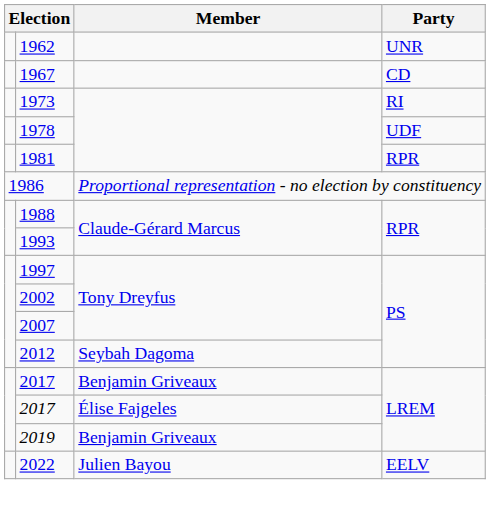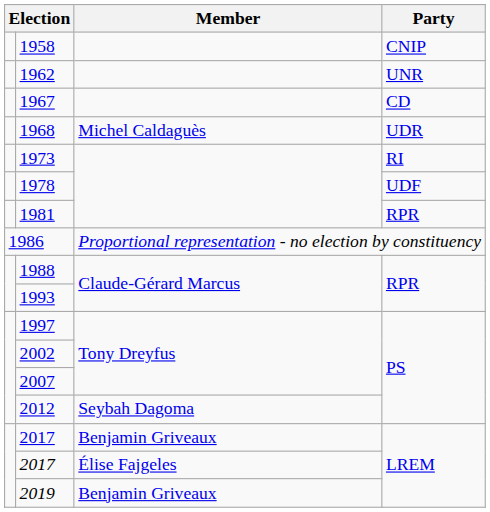 <table class="wikitable">
 <tr>
 <th colspan="2">Election</th>
 <th>Member</th>
 <th>Party</th>
+</tr>
+<tr>
+<td style="color:inherit;background:"></td>
+<td><a href='#'>1958</a></td>
+<td></td>
+<td><a href='#'>CNIP</a></td>
 </tr>
 <tr>
 <td style="color:inherit;background:"></td>
 <td><a href='#'>1962</a></td>
 <td></td>
 <td><a href='#'>UNR</a></td>
 </tr>
 <tr>
 <td style="color:inherit;background:"></td>
 <td><a href='#'>1967</a></td>
 <td></td>
 <td><a href='#'>CD</a></td>
+</tr>
+<tr>
+<td style="color:inherit;background:"></td>
+<td><a href='#'>1968</a></td>
+<td><a href='#'>Michel Caldaguès</a></td>
+<td><a href='#'>UDR</a></td>
 </tr>
 <tr>
 <td style="color:inherit;background:"></td>
 <td><a href='#'>1973</a></td>
 <td rowspan="3"></td>
 <td><a href='#'>RI</a></td>
 </tr>
 <tr>
 <td style="color:inherit;background:"></td>
 <td><a href='#'>1978</a></td>
 <td><a href='#'>UDF</a></td>
 </tr>
 <tr>
 <td style="color:inherit;background:"></td>
 <td><a href='#'>1981</a></td>
 <td><a href='#'>RPR</a></td>
 </tr>
 <tr>
 <td colspan="2"><a href='#'>1986</a></td>
 <td colspan="2"><em><a href='#'>Proportional representation</a> - no election by constituency</em></td>
 </tr>
 <tr>
 <td rowspan="2" style="color:inherit;background:"></td>
 <td><a href='#'>1988</a></td>
 <td rowspan="2"><a href='#'>Claude-Gérard Marcus</a></td>
 <td rowspan="2"><a href='#'>RPR</a></td>
 </tr>
 <tr>
 <td><a href='#'>1993</a></td>
 </tr>
 <tr>
 <td rowspan="4" style="color:inherit;background-color: "></td>
 <td><a href='#'>1997</a></td>
 <td rowspan="3"><a href='#'>Tony Dreyfus</a></td>
 <td rowspan="4"><a href='#'>PS</a></td>
 </tr>
 <tr>
 <td><a href='#'>2002</a></td>
 </tr>
 <tr>
 <td><a href='#'>2007</a></td>
 </tr>
 <tr>
 <td><a href='#'>2012</a></td>
 <td><a href='#'>Seybah Dagoma</a></td>
 </tr>
 <tr>
 <td rowspan="3" style="color:inherit;background-color: "></td>
 <td><a href='#'>2017</a></td>
 <td><a href='#'>Benjamin Griveaux</a></td>
 <td rowspan="3"><a href='#'>LREM</a></td>
 </tr>
 <tr>
 <td><em>2017</em></td>
 <td><a href='#'>Élise Fajgeles</a></td>
 </tr>
 <tr>
 <td><em>2019</em></td>
 <td><a href='#'>Benjamin Griveaux</a></td>
 </tr>
-<tr>
-<td style="color:inherit;background-color: "></td>
-<td><a href='#'>2022</a></td>
-<td><a href='#'>Julien Bayou</a></td>
-<td><a href='#'>EELV</a></td>
-</tr>
 </table>
